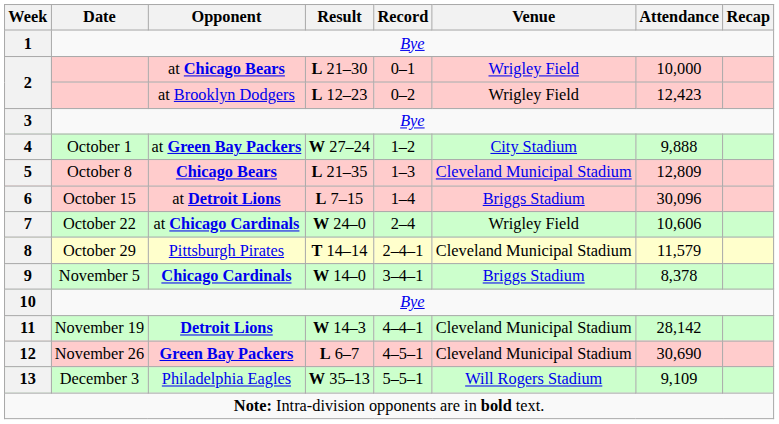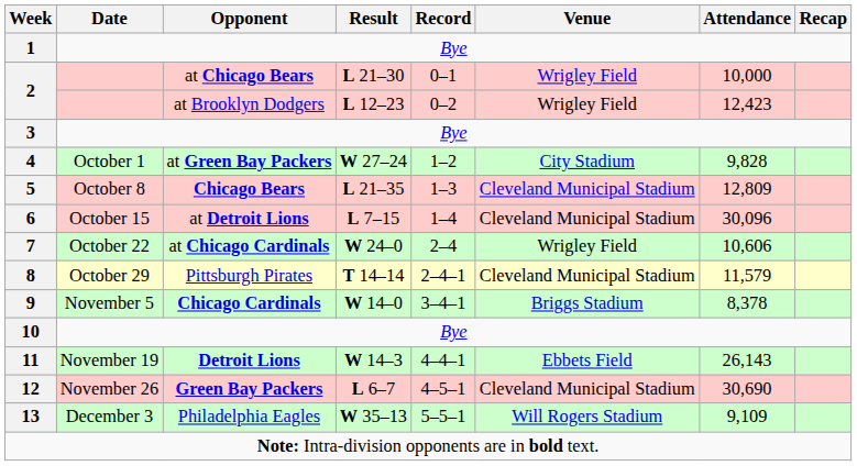 <table class="wikitable" style="text-align:center">
 <tr>
 <th>Week</th>
 <th>Date</th>
 <th>Opponent</th>
 <th>Result</th>
 <th>Record</th>
 <th>Venue</th>
 <th>Attendance</th>
 <th>Recap</th>
 </tr>
 <tr>
 <th>1</th>
 <td colspan="7"><em><a href='#'>Bye</a></em></td>
 </tr>
 <tr style="background:#fcc">
 <th rowspan="2">2</th>
 <td></td>
 <td>at <strong><a href='#'>Chicago Bears</a></strong></td>
 <td><strong>L</strong> 21–30</td>
 <td>0–1</td>
 <td><a href='#'>Wrigley Field</a></td>
 <td>10,000</td>
 <td></td>
 </tr>
 <tr style="background:#fcc">
 <td></td>
 <td>at <a href='#'>Brooklyn Dodgers</a></td>
 <td><strong>L</strong> 12–23</td>
 <td>0–2</td>
 <td>Wrigley Field</td>
 <td>12,423</td>
 <td></td>
 </tr>
 <tr>
 <th>3</th>
 <td colspan="7"><em><a href='#'>Bye</a></em></td>
 </tr>
 <tr style="background:#cfc">
 <th>4</th>
 <td>October 1</td>
 <td>at <strong><a href='#'>Green Bay Packers</a></strong></td>
 <td><strong>W</strong> 27–24</td>
 <td>1–2</td>
 <td><a href='#'>City Stadium</a></td>
-<td>9,888</td>
+<td>9,828</td>
 <td></td>
 </tr>
 <tr style="background:#fcc">
 <th>5</th>
 <td>October 8</td>
 <td><strong><a href='#'>Chicago Bears</a></strong></td>
 <td><strong>L</strong> 21–35</td>
 <td>1–3</td>
 <td><a href='#'>Cleveland Municipal Stadium</a></td>
 <td>12,809</td>
 <td></td>
 </tr>
 <tr style="background:#fcc">
 <th>6</th>
 <td>October 15</td>
 <td>at <strong><a href='#'>Detroit Lions</a></strong></td>
 <td><strong>L</strong> 7–15</td>
 <td>1–4</td>
-<td><a href='#'>Briggs Stadium</a></td>
+<td>Cleveland Municipal Stadium</td>
 <td>30,096</td>
 <td></td>
 </tr>
 <tr style="background:#cfc">
 <th>7</th>
 <td>October 22</td>
 <td>at <strong><a href='#'>Chicago Cardinals</a></strong></td>
 <td><strong>W</strong> 24–0</td>
 <td>2–4</td>
 <td>Wrigley Field</td>
 <td>10,606</td>
 <td></td>
 </tr>
 <tr style="background:#ffc">
 <th>8</th>
 <td>October 29</td>
 <td><a href='#'>Pittsburgh Pirates</a></td>
 <td><strong>T</strong> 14–14</td>
 <td>2–4–1</td>
 <td>Cleveland Municipal Stadium</td>
 <td>11,579</td>
 <td></td>
 </tr>
 <tr style="background:#cfc">
 <th>9</th>
 <td>November 5</td>
 <td><strong><a href='#'>Chicago Cardinals</a></strong></td>
 <td><strong>W</strong> 14–0</td>
 <td>3–4–1</td>
 <td><a href='#'>Briggs Stadium</a></td>
 <td>8,378</td>
 <td></td>
 </tr>
 <tr>
 <th>10</th>
 <td colspan="7"><em><a href='#'>Bye</a></em></td>
 </tr>
 <tr style="background:#cfc">
 <th>11</th>
 <td>November 19</td>
 <td><strong><a href='#'>Detroit Lions</a></strong></td>
 <td><strong>W</strong> 14–3</td>
 <td>4–4–1</td>
-<td>Cleveland Municipal Stadium</td>
-<td>28,142</td>
+<td><a href='#'>Ebbets Field</a></td>
+<td>26,143</td>
 <td></td>
 </tr>
 <tr style="background:#fcc">
 <th>12</th>
 <td>November 26</td>
 <td><strong><a href='#'>Green Bay Packers</a></strong></td>
 <td><strong>L</strong> 6–7</td>
 <td>4–5–1</td>
 <td>Cleveland Municipal Stadium</td>
 <td>30,690</td>
 <td></td>
 </tr>
 <tr style="background:#cfc">
 <th>13</th>
 <td>December 3</td>
 <td><a href='#'>Philadelphia Eagles</a></td>
 <td><strong>W</strong> 35–13</td>
 <td>5–5–1</td>
 <td><a href='#'>Will Rogers Stadium</a></td>
 <td>9,109</td>
 <td></td>
 </tr>
 <tr>
 <td colspan="8"><strong>Note:</strong> Intra-division opponents are in <strong>bold</strong> text.</td>
 </tr>
 </table>
